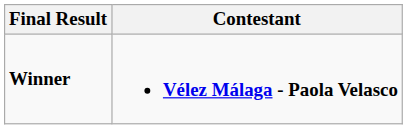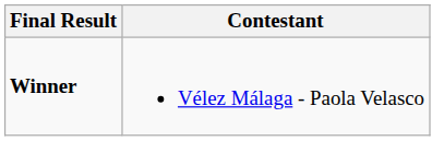 <table class="wikitable">
 <tr>
 <th>Final Result</th>
 <th>Contestant</th>
 </tr>
 <tr>
 <td><strong>Winner</strong></td>
-<td><strong><br><ul><li> <a href='#'>Vélez Málaga</a> - Paola Velasco</li></ul></strong></td>
+<td><br><ul><li> <a href='#'>Vélez Málaga</a> - Paola Velasco</li></ul></td>
 </tr>
 </table>
